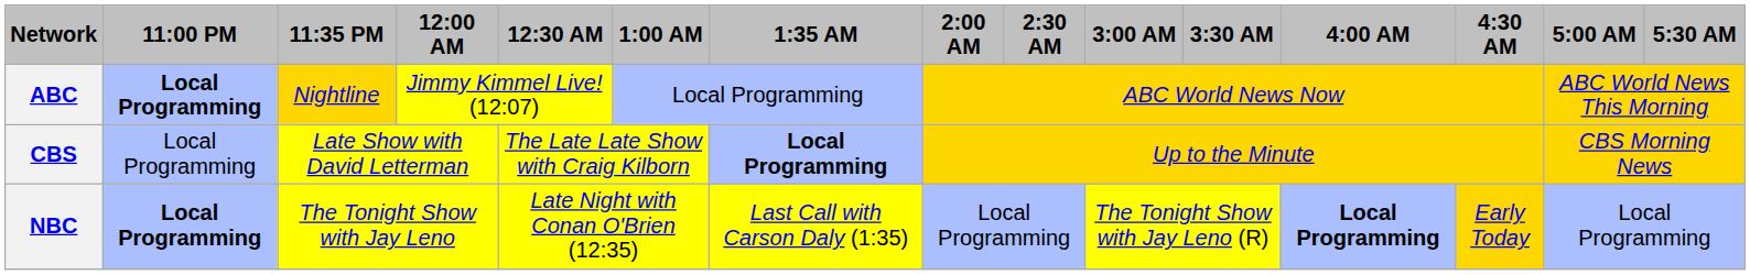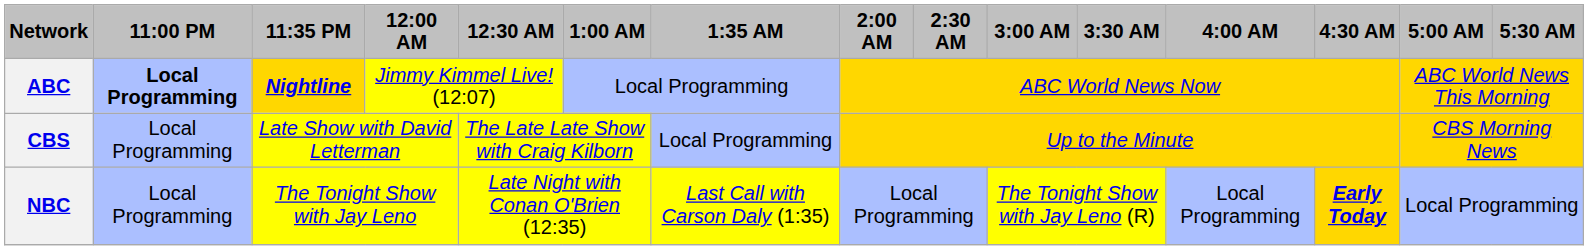 <table class="wikitable" style="width:100%;margin-right:0;text-align:center">
 <tr>
 <th colspan="2" style="background-color:#C0C0C0;text-align:center">Network</th>
 <th style="background-color:#C0C0C0;text-align:center">11:00 PM</th>
 <th style="background-color:#C0C0C0;text-align:center">11:35 PM</th>
 <th style="background-color:#C0C0C0;text-align:center">12:00 AM</th>
 <th style="background-color:#C0C0C0;text-align:center">12:30 AM</th>
 <th style="background-color:#C0C0C0;text-align:center">1:00 AM</th>
 <th style="background-color:#C0C0C0;text-align:center">1:35 AM</th>
 <th style="background-color:#C0C0C0;text-align:center">2:00 AM</th>
 <th style="background-color:#C0C0C0;text-align:center">2:30 AM</th>
 <th style="background-color:#C0C0C0;text-align:center">3:00 AM</th>
 <th style="background-color:#C0C0C0;text-align:center">3:30 AM</th>
 <th style="background-color:#C0C0C0;text-align:center">4:00 AM</th>
 <th style="background-color:#C0C0C0;text-align:center">4:30 AM</th>
 <th style="background-color:#C0C0C0;text-align:center">5:00 AM</th>
 <th style="background-color:#C0C0C0;text-align:center">5:30 AM</th>
 </tr>
 <tr>
 <th colspan="2"><a href='#'>ABC</a></th>
 <td colspan="1" style="background:#abbfff"><strong>Local Programming</strong></td>
-<td colspan="1" style="background:gold"><em><a href='#'>Nightline</a></em></td>
+<td colspan="1" style="background:gold"><strong><em><a href='#'>Nightline</a></em></strong></td>
 <td colspan="2" style="background:yellow"><em><a href='#'>Jimmy Kimmel Live!</a></em> (12:07)</td>
 <td colspan="2" style="background:#abbfff">Local Programming</td>
 <td colspan="6" style="background:gold"><em><a href='#'>ABC World News Now</a></em></td>
 <td colspan="2" style="background:gold"><em><a href='#'>ABC World News This Morning</a></em></td>
 </tr>
 <tr>
 <th colspan="2"><a href='#'>CBS</a></th>
 <td colspan="1" style="background:#abbfff">Local Programming</td>
 <td colspan="2" style="background:yellow"><em><a href='#'>Late Show with David Letterman</a></em></td>
 <td colspan="2" style="background:yellow"><em><a href='#'>The Late Late Show with Craig Kilborn</a></em></td>
-<td colspan="1" style="background:#abbfff"><strong>Local Programming</strong></td>
+<td colspan="1" style="background:#abbfff">Local Programming</td>
 <td colspan="6" style="background:gold"><em><a href='#'>Up to the Minute</a></em></td>
 <td colspan="2" style="background:gold"><em><a href='#'>CBS Morning News</a></em></td>
 </tr>
 <tr>
 <th colspan="2"><a href='#'>NBC</a></th>
-<td colspan="1" style="background:#abbfff"><strong>Local Programming</strong></td>
+<td colspan="1" style="background:#abbfff">Local Programming</td>
 <td colspan="2" style="background:yellow"><em><a href='#'>The Tonight Show with Jay Leno</a></em></td>
 <td colspan="2" style="background:yellow"><em><a href='#'>Late Night with Conan O'Brien</a></em> (12:35)</td>
 <td colspan="1" style="background:yellow"><em><a href='#'>Last Call with Carson Daly</a></em> (1:35)</td>
 <td colspan="2" style="background:#abbfff">Local Programming</td>
 <td colspan="2" style="background:yellow"><em><a href='#'>The Tonight Show with Jay Leno</a></em> (R)</td>
-<td colspan="1" style="background:#abbfff"><strong>Local Programming</strong></td>
-<td colspan="1" style="background:gold"><em><a href='#'>Early Today</a></em></td>
+<td colspan="1" style="background:#abbfff">Local Programming</td>
+<td colspan="1" style="background:gold"><strong><em><a href='#'>Early Today</a></em></strong></td>
 <td colspan="2" style="background:#abbfff">Local Programming</td>
 </tr>
 <tr>
 </tr>
 </table>
